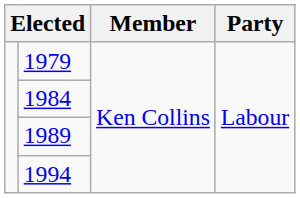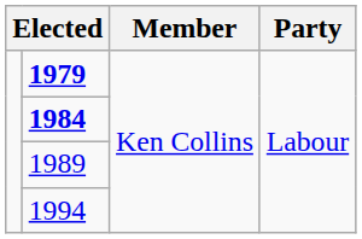 <table class="wikitable">
 <tr>
 <th colspan="2">Elected</th>
 <th>Member</th>
 <th>Party</th>
 </tr>
 <tr>
 <td rowspan="4" style="background-color: "></td>
-<td><a href='#'>1979</a></td>
+<td><strong><a href='#'>1979</a></strong></td>
 <td rowspan="4"><a href='#'>Ken Collins</a></td>
 <td rowspan="4"><a href='#'>Labour</a></td>
 </tr>
 <tr>
-<td><a href='#'>1984</a></td>
+<td><strong><a href='#'>1984</a></strong></td>
 </tr>
 <tr>
 <td><a href='#'>1989</a></td>
 </tr>
 <tr>
 <td><a href='#'>1994</a></td>
 </tr>
 </table>
